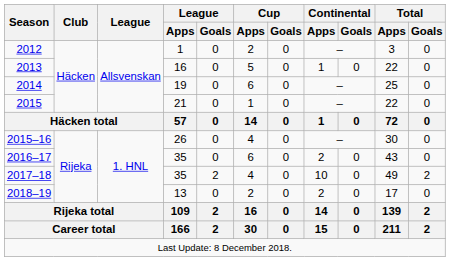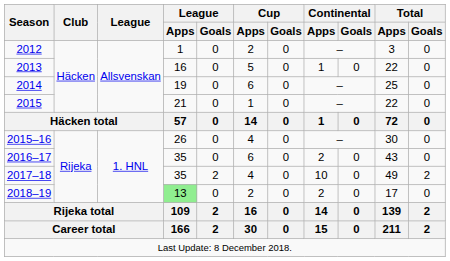 <table class="wikitable" style="font-size:100%; text-align: center">
 <tr>
 <th rowspan="2">Season</th>
 <th rowspan="2">Club</th>
 <th rowspan="2">League</th>
 <th colspan="2">League</th>
 <th colspan="2">Cup</th>
 <th colspan="2">Continental</th>
 <th colspan="2">Total</th>
 </tr>
 <tr>
 <th>Apps</th>
 <th>Goals</th>
 <th>Apps</th>
 <th>Goals</th>
 <th>Apps</th>
 <th>Goals</th>
 <th>Apps</th>
 <th>Goals</th>
 </tr>
 <tr>
 <td><a href='#'>2012</a></td>
 <td rowspan="4" valign="center"><a href='#'>Häcken</a></td>
 <td rowspan="4" valign="center"><a href='#'>Allsvenskan</a></td>
 <td>1</td>
 <td>0</td>
 <td>2</td>
 <td>0</td>
 <td colspan="2">–</td>
 <td>3</td>
 <td>0</td>
 </tr>
 <tr>
 <td><a href='#'>2013</a></td>
 <td>16</td>
 <td>0</td>
 <td>5</td>
 <td>0</td>
 <td>1</td>
 <td>0</td>
 <td>22</td>
 <td>0</td>
 </tr>
 <tr>
 <td><a href='#'>2014</a></td>
 <td>19</td>
 <td>0</td>
 <td>6</td>
 <td>0</td>
 <td colspan="2">–</td>
 <td>25</td>
 <td>0</td>
 </tr>
 <tr>
 <td><a href='#'>2015</a></td>
 <td>21</td>
 <td>0</td>
 <td>1</td>
 <td>0</td>
 <td colspan="2">–</td>
 <td>22</td>
 <td>0</td>
 </tr>
 <tr>
 <th colspan="3" valign="center">Häcken total</th>
 <th>57</th>
 <th>0</th>
 <th>14</th>
 <th>0</th>
 <th>1</th>
 <th>0</th>
 <th>72</th>
 <th>0</th>
 </tr>
 <tr>
 <td><a href='#'>2015–16</a></td>
 <td rowspan="4" valign="center"><a href='#'>Rijeka</a></td>
 <td rowspan="4" valign="center"><a href='#'>1. HNL</a></td>
 <td>26</td>
 <td>0</td>
 <td>4</td>
 <td>0</td>
 <td colspan="2">–</td>
 <td>30</td>
 <td>0</td>
 </tr>
 <tr>
 <td><a href='#'>2016–17</a></td>
 <td>35</td>
 <td>0</td>
 <td>6</td>
 <td>0</td>
 <td>2</td>
 <td>0</td>
 <td>43</td>
 <td>0</td>
 </tr>
 <tr>
 <td><a href='#'>2017–18</a></td>
 <td>35</td>
 <td>2</td>
 <td>4</td>
 <td>0</td>
 <td>10</td>
 <td>0</td>
 <td>49</td>
 <td>2</td>
 </tr>
 <tr>
 <td><a href='#'>2018–19</a></td>
-<td>13</td>
+<td style="background: lightgreen;">13</td>
 <td>0</td>
 <td>2</td>
 <td>0</td>
 <td>2</td>
 <td>0</td>
 <td>17</td>
 <td>0</td>
 </tr>
 <tr>
 <th colspan="3" valign="center">Rijeka total</th>
 <th>109</th>
 <th>2</th>
 <th>16</th>
 <th>0</th>
 <th>14</th>
 <th>0</th>
 <th>139</th>
 <th>2</th>
 </tr>
 <tr>
 <th colspan=3>Career total</th>
 <th>166</th>
 <th>2</th>
 <th>30</th>
 <th>0</th>
 <th>15</th>
 <th>0</th>
 <th>211</th>
 <th>2</th>
 </tr>
 <tr>
 <td colspan="11"><small>Last Update: 8 December 2018.</small></td>
 </tr>
 </table>
